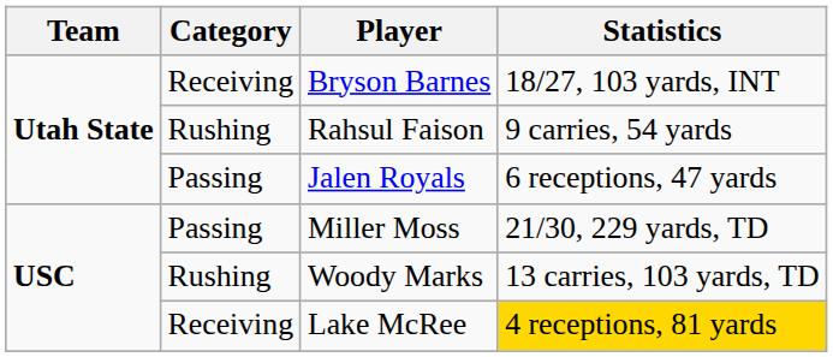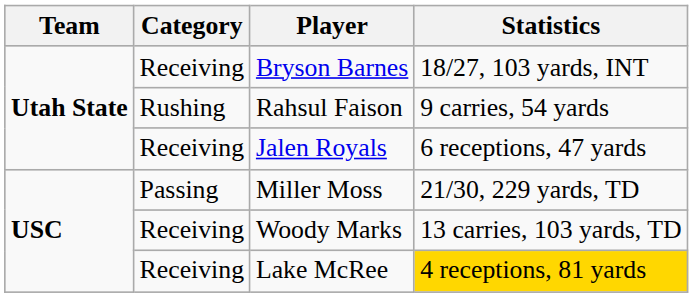 <table class="wikitable" style="float: right;">
 <tr>
 <th>Team</th>
 <th>Category</th>
 <th>Player</th>
 <th>Statistics</th>
 </tr>
 <tr>
 <td rowspan=3><strong>Utah State</strong></td>
 <td>Receiving</td>
 <td><a href='#'>Bryson Barnes</a></td>
 <td>18/27, 103 yards, INT</td>
 </tr>
 <tr>
 <td>Rushing</td>
 <td>Rahsul Faison</td>
 <td>9 carries, 54 yards</td>
 </tr>
 <tr>
-<td>Passing</td>
+<td>Receiving</td>
 <td><a href='#'>Jalen Royals</a></td>
 <td>6 receptions, 47 yards</td>
 </tr>
 <tr>
 <td rowspan=3><strong>USC</strong></td>
 <td>Passing</td>
 <td>Miller Moss</td>
 <td>21/30, 229 yards, TD</td>
 </tr>
 <tr>
-<td>Rushing</td>
+<td>Receiving</td>
 <td>Woody Marks</td>
 <td>13 carries, 103 yards, TD</td>
 </tr>
 <tr>
 <td>Receiving</td>
 <td>Lake McRee</td>
 <td style="background: gold;">4 receptions, 81 yards</td>
 </tr>
 </table>
